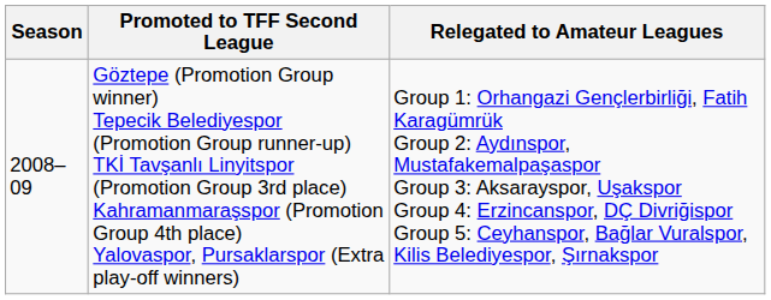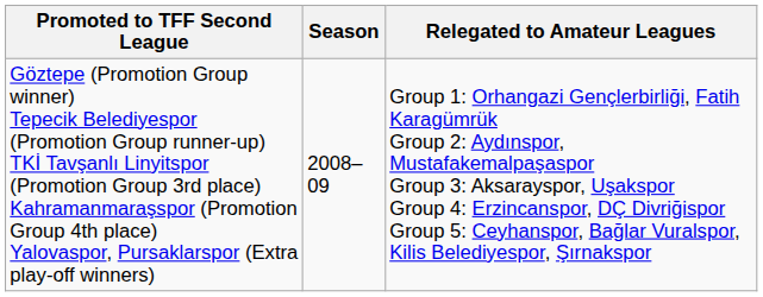 <table class="wikitable">
 <tr>
+<th>Promoted to TFF Second League</th>
 <th>Season</th>
-<th>Promoted to TFF Second League</th>
 <th>Relegated to Amateur Leagues</th>
 </tr>
 <tr>
+<td><a href='#'>Göztepe</a> (Promotion Group winner) <br><a href='#'>Tepecik Belediyespor</a> (Promotion Group runner-up)<br><a href='#'>TKİ Tavşanlı Linyitspor</a> (Promotion Group 3rd place)<br><a href='#'>Kahramanmaraşspor</a> (Promotion Group 4th place)<br><a href='#'>Yalovaspor</a>, <a href='#'>Pursaklarspor</a> (Extra play-off winners)</td>
 <td>2008–09</td>
-<td><a href='#'>Göztepe</a> (Promotion Group winner) <br><a href='#'>Tepecik Belediyespor</a> (Promotion Group runner-up)<br><a href='#'>TKİ Tavşanlı Linyitspor</a> (Promotion Group 3rd place)<br><a href='#'>Kahramanmaraşspor</a> (Promotion Group 4th place)<br><a href='#'>Yalovaspor</a>, <a href='#'>Pursaklarspor</a> (Extra play-off winners)</td>
 <td>Group 1: <a href='#'>Orhangazi Gençlerbirliği</a>, <a href='#'>Fatih Karagümrük</a><br>Group 2: <a href='#'>Aydınspor</a>, <a href='#'>Mustafakemalpaşaspor</a><br>Group 3: Aksarayspor, <a href='#'>Uşakspor</a><br>Group 4: <a href='#'>Erzincanspor</a>, <a href='#'>DÇ Divriğispor</a><br>Group 5: <a href='#'>Ceyhanspor</a>, <a href='#'>Bağlar Vuralspor</a>, <a href='#'>Kilis Belediyespor</a>, <a href='#'>Şırnakspor</a></td>
 </tr>
 </table>
